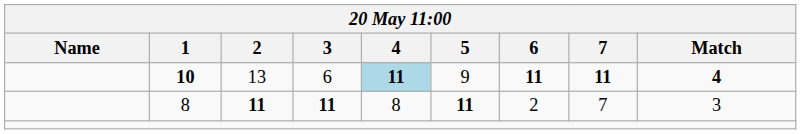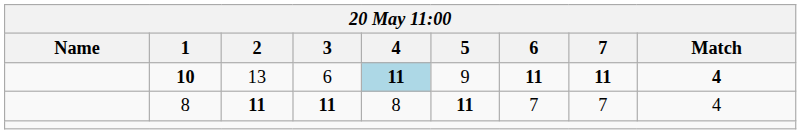 <table class=wikitable style="text-align:center; width: 55%">
 <tr>
 <th colspan=17><em>20 May 11:00</em></th>
 </tr>
 <tr>
 <th>Name</th>
 <th>1</th>
 <th>2</th>
 <th>3</th>
 <th>4</th>
 <th>5</th>
 <th>6</th>
 <th>7</th>
 <th>Match</th>
 </tr>
 <tr>
 <td style="text-align:left;"><strong></strong></td>
 <td><strong>10</strong></td>
 <td>13</td>
 <td>6</td>
 <td style="background: lightblue;"><strong>11</strong></td>
 <td>9</td>
 <td><strong>11</strong></td>
 <td><strong>11</strong></td>
 <td><strong>4</strong></td>
 </tr>
 <tr>
 <td style="text-align:left;"></td>
 <td>8</td>
 <td><strong>11</strong></td>
 <td><strong>11</strong></td>
 <td>8</td>
 <td><strong>11</strong></td>
-<td>2</td>
 <td>7</td>
-<td>3</td>
+<td>7</td>
+<td>4</td>
 </tr>
 <tr>
 <td colspan=17></td>
 </tr>
 </table>
